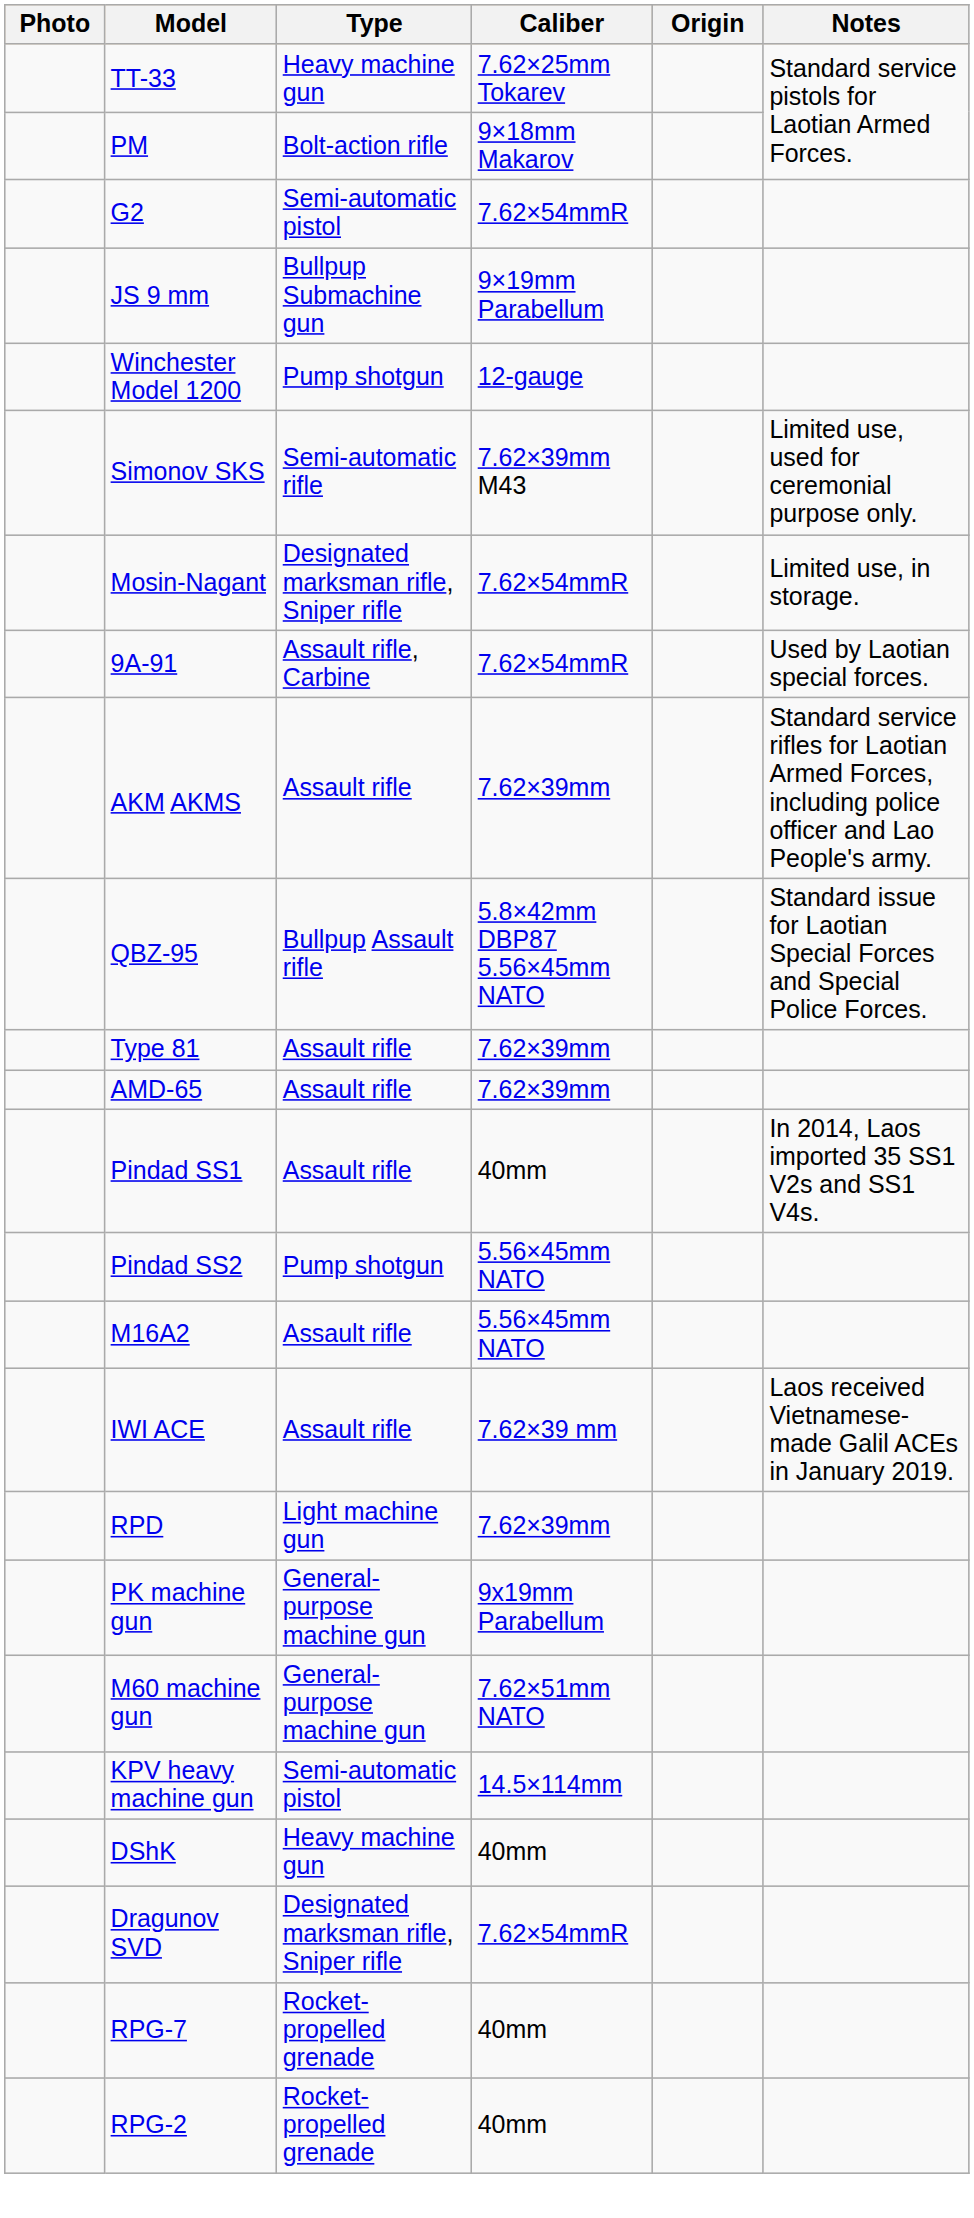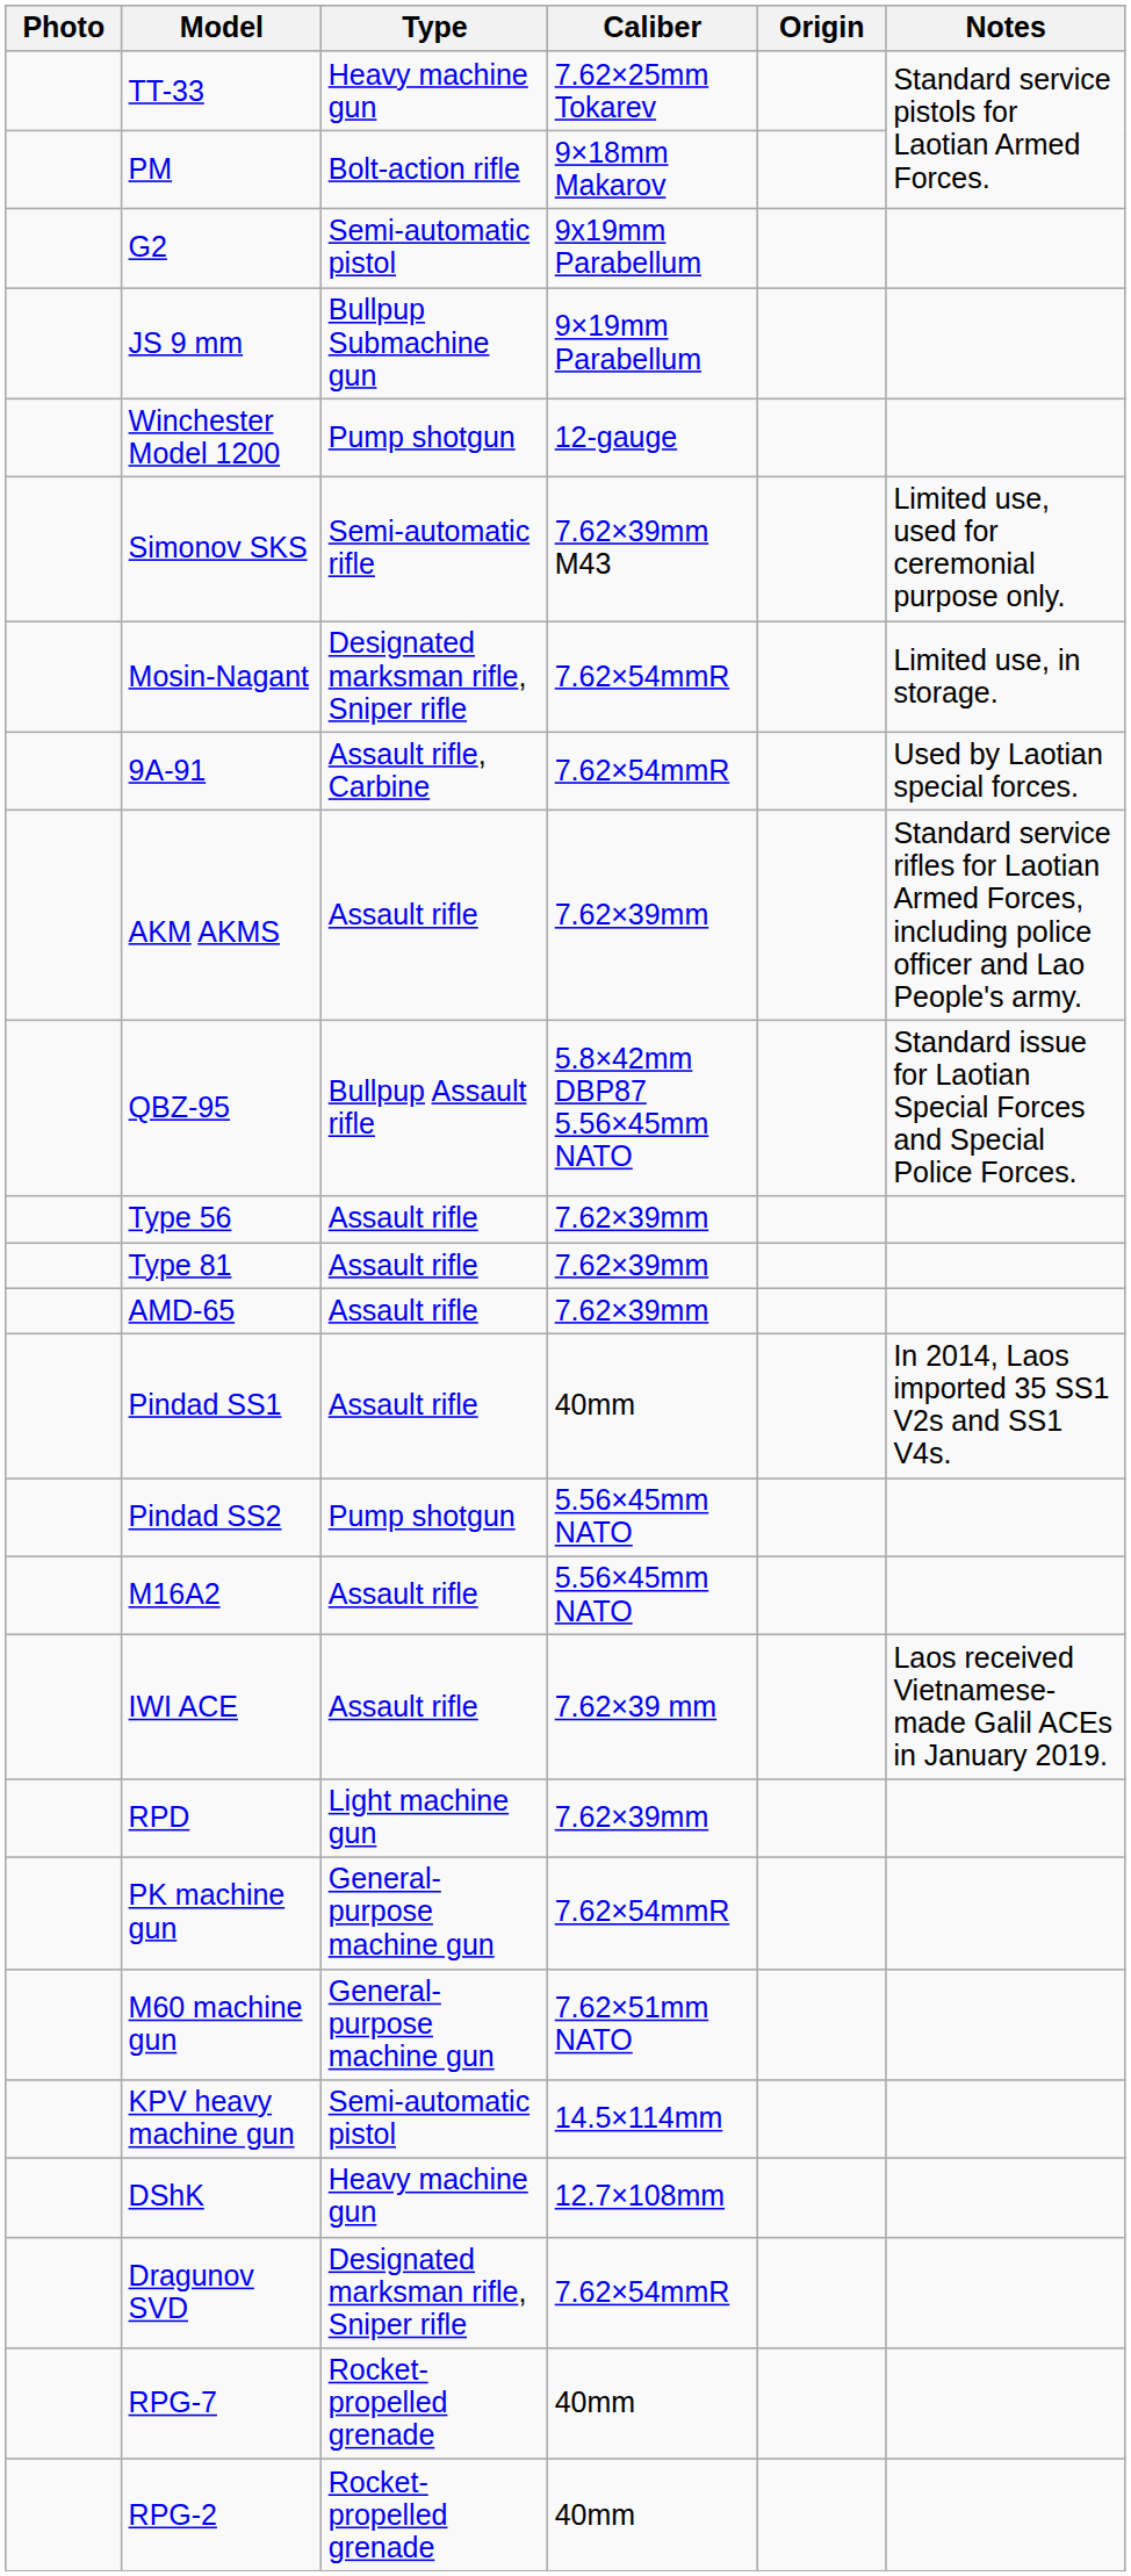 <table class="wikitable" border="1" style="border-collapse: collapse;" width="70%">
 <tr bgcolor="#FFDEAD">
 <th width="2%">Photo</th>
 <th width="4%">Model</th>
 <th width="5%">Type</th>
 <th width="2%">Caliber</th>
 <th width="3%">Origin</th>
 <th width="6%">Notes</th>
 </tr>
 <tr>
 <td></td>
 <td><a href='#'>TT-33</a></td>
 <td><a href='#'>Heavy machine gun</a></td>
 <td><a href='#'>7.62×25mm Tokarev</a></td>
 <td></td>
 <td rowspan="2">Standard service pistols for Laotian Armed Forces.</td>
 </tr>
 <tr>
 <td></td>
 <td><a href='#'>PM</a></td>
 <td><a href='#'>Bolt-action rifle</a></td>
 <td><a href='#'>9×18mm Makarov</a></td>
 <td></td>
 </tr>
 <tr>
 <td></td>
 <td><a href='#'>G2</a></td>
 <td><a href='#'>Semi-automatic pistol</a></td>
-<td><a href='#'>7.62×54mmR</a></td>
+<td><a href='#'>9x19mm Parabellum</a></td>
 <td></td>
 <td></td>
 </tr>
 <tr>
 <td></td>
 <td><a href='#'>JS 9 mm</a></td>
 <td><a href='#'>Bullpup</a> <a href='#'>Submachine gun</a></td>
 <td><a href='#'>9×19mm Parabellum</a></td>
 <td></td>
 <td></td>
 </tr>
 <tr>
 <td></td>
 <td><a href='#'>Winchester Model 1200</a></td>
 <td><a href='#'>Pump shotgun</a></td>
 <td><a href='#'>12-gauge</a></td>
 <td></td>
 <td></td>
 </tr>
 <tr>
 <td></td>
 <td><a href='#'>Simonov SKS</a></td>
 <td><a href='#'>Semi-automatic rifle</a></td>
 <td><a href='#'>7.62×39mm</a> M43</td>
 <td></td>
 <td>Limited use, used for ceremonial purpose only.</td>
 </tr>
 <tr>
 <td></td>
 <td><a href='#'>Mosin-Nagant</a></td>
 <td><a href='#'>Designated marksman rifle</a>, <a href='#'>Sniper rifle</a></td>
 <td><a href='#'>7.62×54mmR</a></td>
 <td></td>
 <td>Limited use, in storage.</td>
 </tr>
 <tr>
 <td></td>
 <td><a href='#'>9A-91</a></td>
 <td><a href='#'>Assault rifle</a>, <a href='#'>Carbine</a></td>
 <td><a href='#'>7.62×54mmR</a></td>
 <td></td>
 <td>Used by Laotian special forces.</td>
 </tr>
 <tr>
 <td> </td>
 <td><br><a href='#'>AKM</a>  <a href='#'>AKMS</a></td>
 <td><a href='#'>Assault rifle</a></td>
 <td><a href='#'>7.62×39mm</a></td>
 <td></td>
 <td>Standard service rifles for Laotian Armed Forces, including police officer and Lao People's army.</td>
 </tr>
 <tr>
 <td></td>
 <td><a href='#'>QBZ-95</a></td>
 <td><a href='#'>Bullpup</a> <a href='#'>Assault rifle</a></td>
 <td><a href='#'>5.8×42mm DBP87</a><br><a href='#'>5.56×45mm NATO</a></td>
 <td></td>
 <td>Standard issue for Laotian Special Forces and Special Police Forces.</td>
 </tr>
 <tr>
 <td></td>
+<td><a href='#'>Type 56</a></td>
+<td><a href='#'>Assault rifle</a></td>
+<td><a href='#'>7.62×39mm</a></td>
+<td></td>
+<td></td>
+</tr>
+<tr>
+<td></td>
 <td><a href='#'>Type 81</a></td>
 <td><a href='#'>Assault rifle</a></td>
 <td><a href='#'>7.62×39mm</a></td>
 <td></td>
 <td></td>
 </tr>
 <tr>
 <td></td>
 <td><a href='#'>AMD-65</a></td>
 <td><a href='#'>Assault rifle</a></td>
 <td><a href='#'>7.62×39mm</a></td>
 <td></td>
 <td></td>
 </tr>
 <tr>
 <td></td>
 <td><a href='#'>Pindad SS1</a></td>
 <td><a href='#'>Assault rifle</a></td>
 <td>40mm</td>
 <td></td>
 <td>In 2014, Laos imported 35 SS1 V2s and SS1 V4s.</td>
 </tr>
 <tr>
 <td></td>
 <td><a href='#'>Pindad SS2</a></td>
 <td><a href='#'>Pump shotgun</a></td>
 <td><a href='#'>5.56×45mm NATO</a></td>
 <td></td>
 <td></td>
 </tr>
 <tr>
 <td></td>
 <td><a href='#'>M16A2</a></td>
 <td><a href='#'>Assault rifle</a></td>
 <td><a href='#'>5.56×45mm NATO</a></td>
 <td></td>
 <td></td>
 </tr>
 <tr>
 <td> </td>
 <td><a href='#'>IWI ACE</a></td>
 <td><a href='#'>Assault rifle</a></td>
 <td><a href='#'>7.62×39 mm</a></td>
 <td><br></td>
 <td>Laos received Vietnamese-made Galil ACEs in January 2019.</td>
 </tr>
 <tr>
 <td></td>
 <td><a href='#'>RPD</a></td>
 <td><a href='#'>Light machine gun</a></td>
 <td><a href='#'>7.62×39mm</a></td>
 <td></td>
 <td></td>
 </tr>
 <tr>
 <td></td>
 <td><a href='#'>PK machine gun</a></td>
 <td><a href='#'>General-purpose machine gun</a></td>
-<td><a href='#'>9x19mm Parabellum</a></td>
+<td><a href='#'>7.62×54mmR</a></td>
 <td></td>
 <td></td>
 </tr>
 <tr>
 <td></td>
 <td><a href='#'>M60 machine gun</a></td>
 <td><a href='#'>General-purpose machine gun</a></td>
 <td><a href='#'>7.62×51mm NATO</a></td>
 <td></td>
 <td></td>
 </tr>
 <tr>
 <td></td>
 <td><a href='#'>KPV heavy machine gun</a></td>
 <td><a href='#'>Semi-automatic pistol</a></td>
 <td><a href='#'>14.5×114mm</a></td>
 <td></td>
 <td></td>
 </tr>
 <tr>
 <td></td>
 <td><a href='#'>DShK</a></td>
 <td><a href='#'>Heavy machine gun</a></td>
-<td>40mm</td>
+<td><a href='#'>12.7×108mm</a></td>
 <td></td>
 <td></td>
 </tr>
 <tr>
 <td></td>
 <td><a href='#'>Dragunov SVD</a></td>
 <td><a href='#'>Designated marksman rifle</a>, <a href='#'>Sniper rifle</a></td>
 <td><a href='#'>7.62×54mmR</a></td>
 <td></td>
 <td></td>
 </tr>
 <tr>
 <td></td>
 <td><a href='#'>RPG-7</a></td>
 <td><a href='#'>Rocket-propelled grenade</a></td>
 <td>40mm</td>
 <td></td>
 <td></td>
 </tr>
 <tr>
 <td></td>
 <td><a href='#'>RPG-2</a></td>
 <td><a href='#'>Rocket-propelled grenade</a></td>
 <td>40mm</td>
 <td></td>
 <td></td>
 </tr>
 </table>
